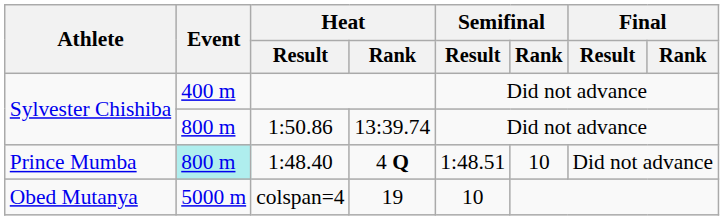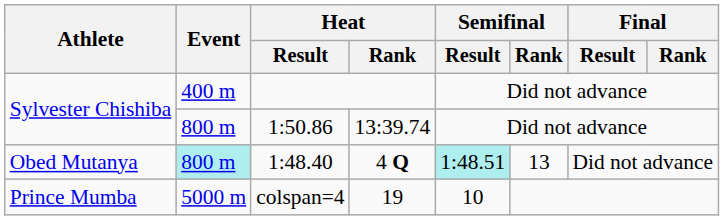 <table class="wikitable" style="font-size:90%">
 <tr>
 <th rowspan=2>Athlete</th>
 <th rowspan=2>Event</th>
 <th colspan=2>Heat</th>
 <th colspan=2>Semifinal</th>
 <th colspan=2>Final</th>
 </tr>
 <tr style="font-size:95%">
 <th>Result</th>
 <th>Rank</th>
 <th>Result</th>
 <th>Rank</th>
 <th>Result</th>
 <th>Rank</th>
 </tr>
 <tr align=center>
 <td align=left rowspan=2><a href='#'>Sylvester Chishiba</a></td>
 <td align=left><a href='#'>400 m</a></td>
 <td colspan=2></td>
 <td colspan=4>Did not advance</td>
 </tr>
 <tr align=center>
 <td align=left><a href='#'>800 m</a></td>
 <td>1:50.86</td>
 <td>13:39.74</td>
 <td colspan=4>Did not advance</td>
 </tr>
 <tr align=center>
-<td align=left><a href='#'>Prince Mumba</a></td>
+<td align=left><a href='#'>Obed Mutanya</a></td>
 <td align=left style="background: paleturquoise;"><a href='#'>800 m</a></td>
 <td>1:48.40</td>
 <td>4 <strong>Q</strong></td>
-<td>1:48.51</td>
-<td>10</td>
+<td style="background: paleturquoise;">1:48.51</td>
+<td>13</td>
 <td colspan=2>Did not advance</td>
 </tr>
 <tr align=center>
-<td align=left><a href='#'>Obed Mutanya</a></td>
+<td align=left><a href='#'>Prince Mumba</a></td>
 <td align=left><a href='#'>5000 m</a></td>
 <td>colspan=4 </td>
 <td>19</td>
 <td>10</td>
 </tr>
 </table>
